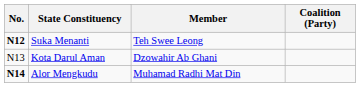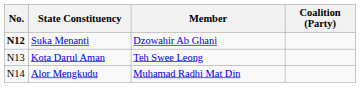 <table class="wikitable">
 <tr>
 <th width="30">No.</th>
 <th width="150">State Constituency</th>
 <th width="230">Member</th>
 <th width="100">Coalition (Party)</th>
 </tr>
 <tr>
 <td><strong>N12</strong></td>
 <td><a href='#'>Suka Menanti</a></td>
-<td><a href='#'>Teh Swee Leong</a></td>
+<td><a href='#'>Dzowahir Ab Ghani</a></td>
 <td></td>
 </tr>
 <tr>
 <td>N13</td>
 <td><a href='#'>Kota Darul Aman</a></td>
-<td><a href='#'>Dzowahir Ab Ghani</a></td>
+<td><a href='#'>Teh Swee Leong</a></td>
 <td></td>
 </tr>
 <tr>
-<td><strong>N14</strong></td>
+<td>N14</td>
 <td><a href='#'>Alor Mengkudu</a></td>
 <td><a href='#'>Muhamad Radhi Mat Din</a></td>
 <td></td>
 </tr>
 </table>
